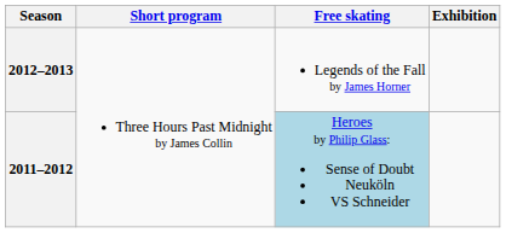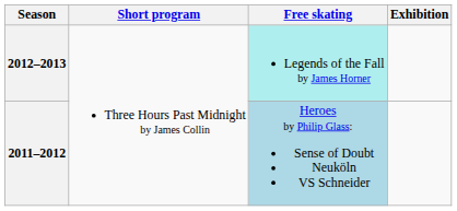 <table class="wikitable" style="text-align:center">
 <tr>
 <th>Season</th>
 <th><a href='#'>Short program</a></th>
 <th><a href='#'>Free skating</a></th>
 <th>Exhibition</th>
 </tr>
 <tr>
 <th>2012–2013 <br></th>
 <td rowspan=2><br><ul><li>Three Hours Past Midnight <br><small> by James Collin </small></li></ul></td>
-<td><br><ul><li>Legends of the Fall <br><small> by <a href='#'>James Horner</a> </small></li></ul></td>
+<td style="background: paleturquoise;"><br><ul><li>Legends of the Fall <br><small> by <a href='#'>James Horner</a> </small></li></ul></td>
 <td></td>
 </tr>
 <tr>
 <th>2011–2012 <br></th>
 <td style="background: lightblue;"><a href='#'>Heroes</a> <br><small> by <a href='#'>Philip Glass</a>:</small><br><ul><li>Sense of Doubt</li><li>Neuköln</li><li>VS Schneider</li></ul></td>
 <td></td>
 </tr>
 </table>
